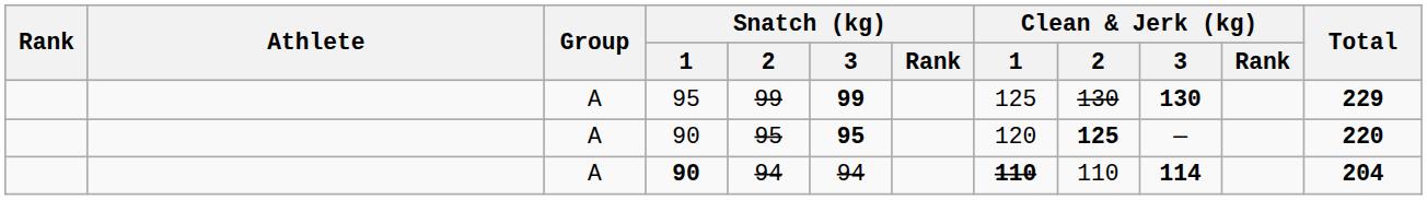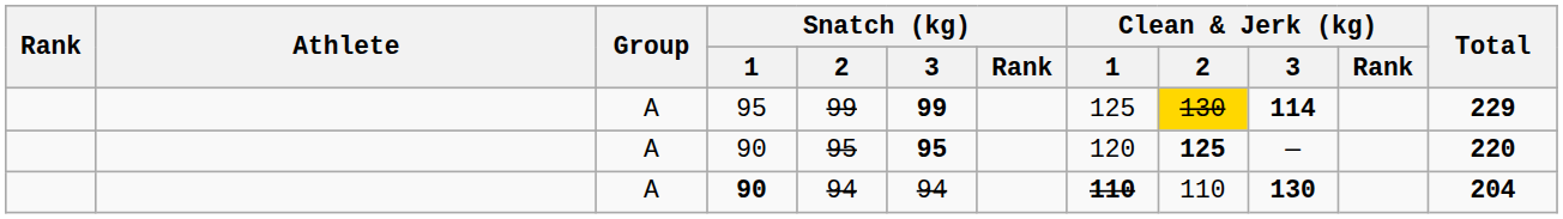 <table class = "wikitable" style="text-align:center;">
 <tr>
 <th rowspan=2 width=40>Rank</th>
 <th rowspan=2 width=250>Athlete</th>
 <th rowspan=2 width=50>Group</th>
 <th colspan=4>Snatch (kg)</th>
 <th colspan=4>Clean & Jerk (kg)</th>
 <th rowspan=2 width=60>Total</th>
 </tr>
 <tr>
 <th width=40>1</th>
 <th width=40>2</th>
 <th width=40>3</th>
 <th width=40>Rank</th>
 <th width=40>1</th>
 <th width=40>2</th>
 <th width=40>3</th>
 <th width=40>Rank</th>
 </tr>
 <tr>
 <td></td>
 <td align=left></td>
 <td>A</td>
 <td>95</td>
 <td><s>99</s></td>
 <td><strong>99</strong></td>
 <td></td>
 <td>125</td>
-<td><s>130</s></td>
-<td><strong>130</strong></td>
+<td style="background: gold;"><s>130</s></td>
+<td><strong>114</strong></td>
 <td></td>
 <td><strong>229</strong></td>
 </tr>
 <tr>
 <td></td>
 <td align=left></td>
 <td>A</td>
 <td>90</td>
 <td><s>95</s></td>
 <td><strong>95</strong></td>
 <td></td>
 <td>120</td>
 <td><strong>125</strong></td>
 <td>—</td>
 <td></td>
 <td><strong>220</strong></td>
 </tr>
 <tr>
 <td></td>
 <td align=left></td>
 <td>A</td>
 <td><strong>90</strong></td>
 <td><s>94</s></td>
 <td><s>94</s></td>
 <td></td>
 <td><strong><s>110</s></strong></td>
 <td>110</td>
-<td><strong>114</strong></td>
+<td><strong>130</strong></td>
 <td></td>
 <td><strong>204</strong></td>
 </tr>
 </table>
